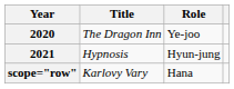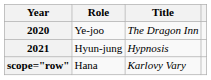 <table class="wikitable plainrowheaders">
 <tr>
 <th scope="col">Year</th>
+<th scope="col">Role</th>
 <th scope="col">Title</th>
-<th scope="col">Role</th>
 <th scope="col" class="unsortable"></th>
 </tr>
 <tr>
 <th scope="row">2020</th>
+<td>Ye-joo</td>
 <td><em>The Dragon Inn</em></td>
-<td>Ye-joo</td>
 <td style="text-align:center"></td>
 </tr>
 <tr>
 <th scope="row">2021</th>
+<td>Hyun-jung</td>
 <td><em>Hypnosis</em></td>
-<td>Hyun-jung</td>
 <td style="text-align:center"></td>
 </tr>
 <tr>
 <th>scope="row" </th>
+<td>Hana</td>
 <td><em>Karlovy Vary</em></td>
-<td>Hana</td>
 <td style="text-align:center"></td>
 </tr>
 </table>
